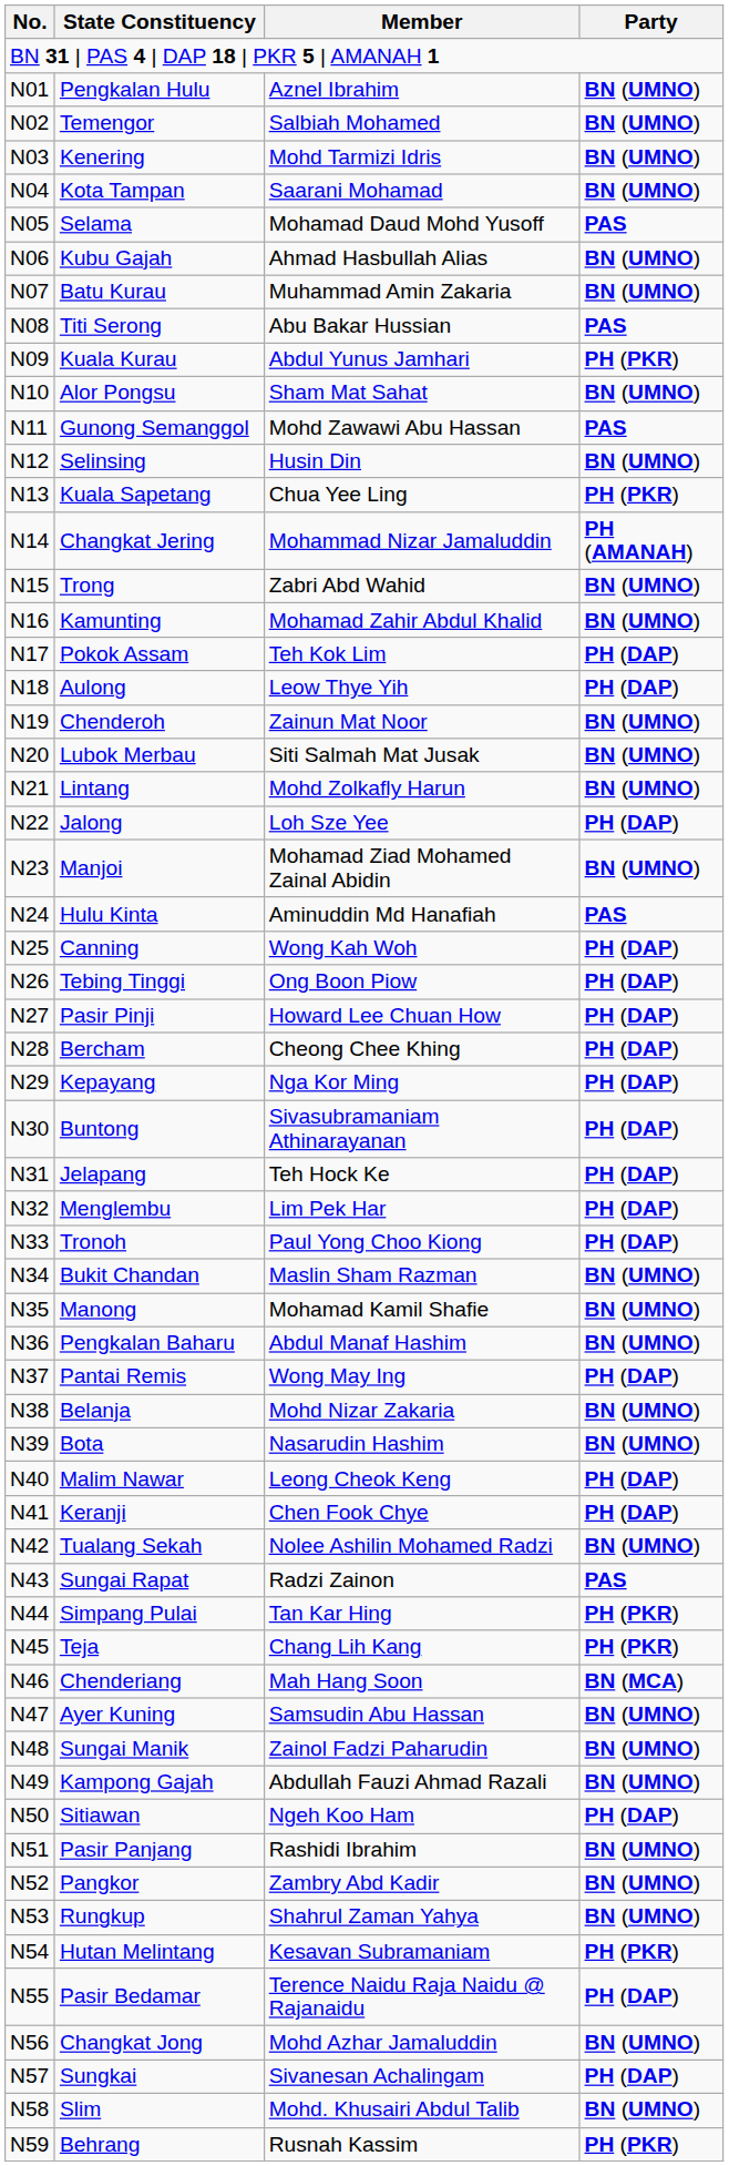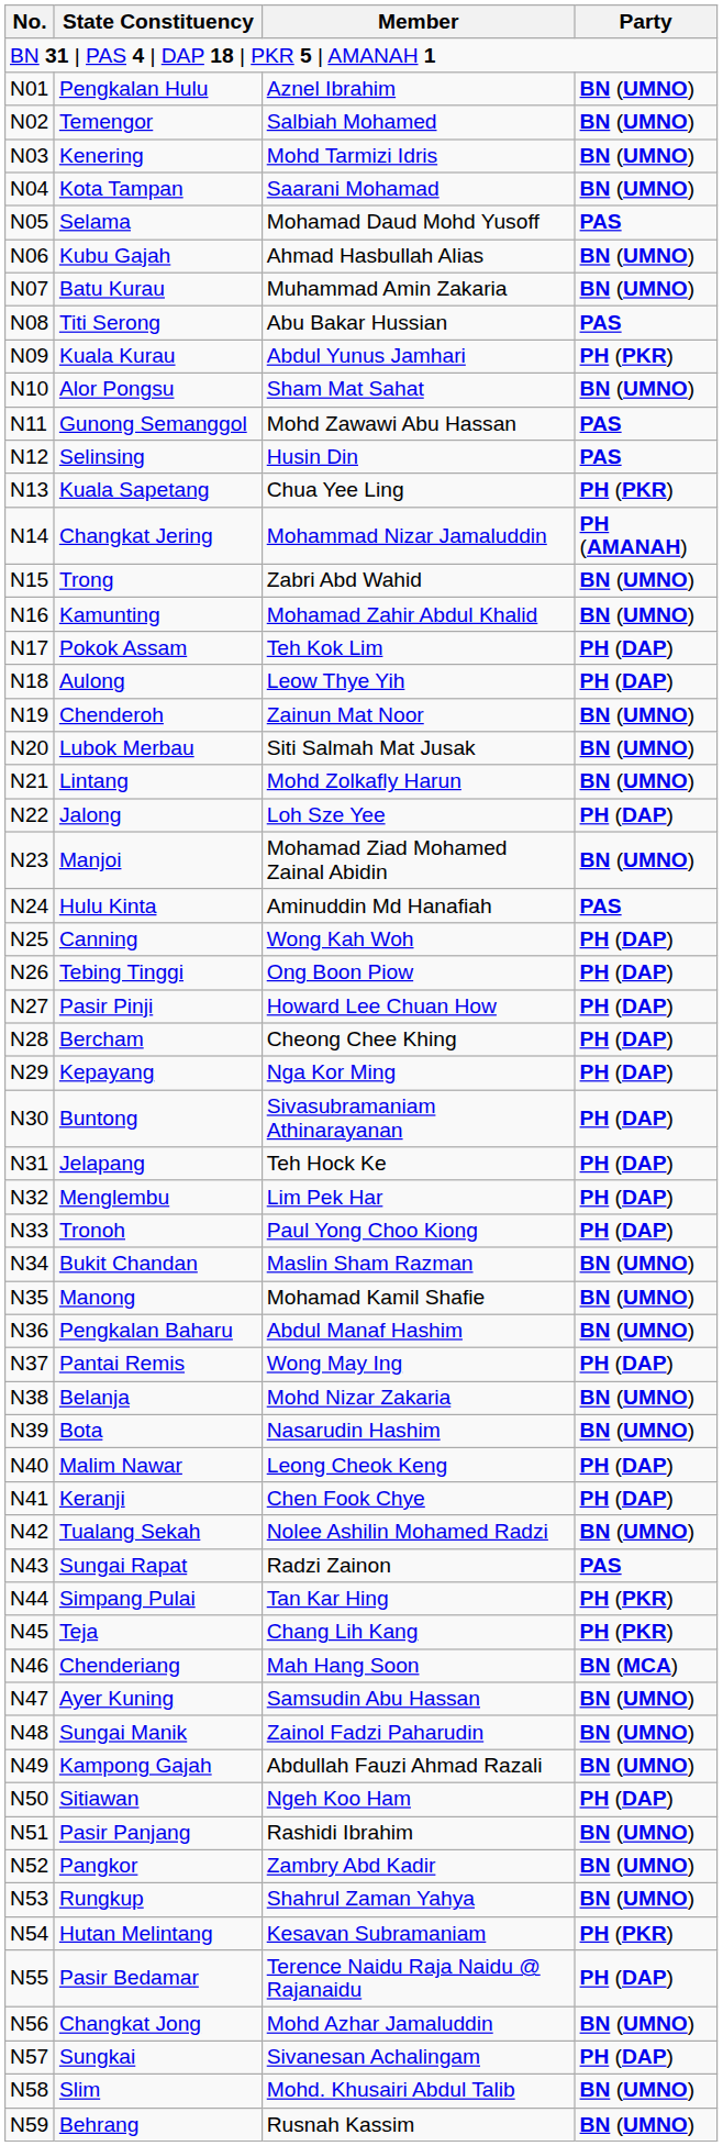 <table class="wikitable sortable">
 <tr>
 <th style="width:30px;">No.</th>
 <th style="width:150px;">State Constituency</th>
 <th style="width:230px;">Member</th>
 <th style="width:100px;">Party</th>
 </tr>
 <tr>
 <td colspan="4"><a href='#'>BN</a> <strong>31</strong> | <a href='#'>PAS</a> <strong>4</strong> | <a href='#'>DAP</a> <strong>18</strong> | <a href='#'>PKR</a> <strong>5</strong> | <a href='#'>AMANAH</a> <strong>1</strong></td>
 </tr>
 <tr>
 <td>N01</td>
 <td><a href='#'>Pengkalan Hulu</a></td>
 <td><a href='#'>Aznel Ibrahim</a></td>
 <td><strong><a href='#'>BN</a></strong> (<strong><a href='#'>UMNO</a></strong>)</td>
 </tr>
 <tr>
 <td>N02</td>
 <td><a href='#'>Temengor</a></td>
 <td><a href='#'>Salbiah Mohamed</a></td>
 <td><strong><a href='#'>BN</a></strong> (<strong><a href='#'>UMNO</a></strong>)</td>
 </tr>
 <tr>
 <td>N03</td>
 <td><a href='#'>Kenering</a></td>
 <td><a href='#'>Mohd Tarmizi Idris</a></td>
 <td><strong><a href='#'>BN</a></strong> (<strong><a href='#'>UMNO</a></strong>)</td>
 </tr>
 <tr>
 <td>N04</td>
 <td><a href='#'>Kota Tampan</a></td>
 <td><a href='#'>Saarani Mohamad</a></td>
 <td><strong><a href='#'>BN</a></strong> (<strong><a href='#'>UMNO</a></strong>)</td>
 </tr>
 <tr>
 <td>N05</td>
 <td><a href='#'>Selama</a></td>
 <td>Mohamad Daud Mohd Yusoff</td>
 <td><strong><a href='#'>PAS</a></strong></td>
 </tr>
 <tr>
 <td>N06</td>
 <td><a href='#'>Kubu Gajah</a></td>
 <td>Ahmad Hasbullah Alias</td>
 <td><strong><a href='#'>BN</a></strong> (<strong><a href='#'>UMNO</a></strong>)</td>
 </tr>
 <tr>
 <td>N07</td>
 <td><a href='#'>Batu Kurau</a></td>
 <td>Muhammad Amin Zakaria</td>
 <td><strong><a href='#'>BN</a></strong> (<strong><a href='#'>UMNO</a></strong>)</td>
 </tr>
 <tr>
 <td>N08</td>
 <td><a href='#'>Titi Serong</a></td>
 <td>Abu Bakar Hussian</td>
 <td><strong><a href='#'>PAS</a></strong></td>
 </tr>
 <tr>
 <td>N09</td>
 <td><a href='#'>Kuala Kurau</a></td>
 <td><a href='#'>Abdul Yunus Jamhari</a></td>
 <td><strong><a href='#'>PH</a></strong> (<strong><a href='#'>PKR</a></strong>)</td>
 </tr>
 <tr>
 <td>N10</td>
 <td><a href='#'>Alor Pongsu</a></td>
 <td><a href='#'>Sham Mat Sahat</a></td>
 <td><strong><a href='#'>BN</a></strong> (<strong><a href='#'>UMNO</a></strong>)</td>
 </tr>
 <tr>
 <td>N11</td>
 <td><a href='#'>Gunong Semanggol</a></td>
 <td>Mohd Zawawi Abu Hassan</td>
 <td><strong><a href='#'>PAS</a></strong></td>
 </tr>
 <tr>
 <td>N12</td>
 <td><a href='#'>Selinsing</a></td>
 <td><a href='#'>Husin Din</a></td>
-<td><strong><a href='#'>BN</a></strong> (<strong><a href='#'>UMNO</a></strong>)</td>
+<td><strong><a href='#'>PAS</a></strong></td>
 </tr>
 <tr>
 <td>N13</td>
 <td><a href='#'>Kuala Sapetang</a></td>
 <td>Chua Yee Ling</td>
 <td><strong><a href='#'>PH</a></strong> (<strong><a href='#'>PKR</a></strong>)</td>
 </tr>
 <tr>
 <td>N14</td>
 <td><a href='#'>Changkat Jering</a></td>
 <td><a href='#'>Mohammad Nizar Jamaluddin</a></td>
 <td><strong><a href='#'>PH</a></strong> (<strong><a href='#'>AMANAH</a></strong>)</td>
 </tr>
 <tr>
 <td>N15</td>
 <td><a href='#'>Trong</a></td>
 <td>Zabri Abd Wahid</td>
 <td><strong><a href='#'>BN</a></strong> (<strong><a href='#'>UMNO</a></strong>)</td>
 </tr>
 <tr>
 <td>N16</td>
 <td><a href='#'>Kamunting</a></td>
 <td><a href='#'>Mohamad Zahir Abdul Khalid</a></td>
 <td><strong><a href='#'>BN</a></strong> (<strong><a href='#'>UMNO</a></strong>)</td>
 </tr>
 <tr>
 <td>N17</td>
 <td><a href='#'>Pokok Assam</a></td>
 <td><a href='#'>Teh Kok Lim</a></td>
 <td><strong><a href='#'>PH</a></strong> (<strong><a href='#'>DAP</a></strong>)</td>
 </tr>
 <tr>
 <td>N18</td>
 <td><a href='#'>Aulong</a></td>
 <td><a href='#'>Leow Thye Yih</a></td>
 <td><strong><a href='#'>PH</a></strong> (<strong><a href='#'>DAP</a></strong>)</td>
 </tr>
 <tr>
 <td>N19</td>
 <td><a href='#'>Chenderoh</a></td>
 <td><a href='#'>Zainun Mat Noor</a></td>
 <td><strong><a href='#'>BN</a></strong> (<strong><a href='#'>UMNO</a></strong>)</td>
 </tr>
 <tr>
 <td>N20</td>
 <td><a href='#'>Lubok Merbau</a></td>
 <td>Siti Salmah Mat Jusak</td>
 <td><strong><a href='#'>BN</a></strong> (<strong><a href='#'>UMNO</a></strong>)</td>
 </tr>
 <tr>
 <td>N21</td>
 <td><a href='#'>Lintang</a></td>
 <td><a href='#'>Mohd Zolkafly Harun</a></td>
 <td><strong><a href='#'>BN</a></strong> (<strong><a href='#'>UMNO</a></strong>)</td>
 </tr>
 <tr>
 <td>N22</td>
 <td><a href='#'>Jalong</a></td>
 <td><a href='#'>Loh Sze Yee</a></td>
 <td><strong><a href='#'>PH</a></strong> (<strong><a href='#'>DAP</a></strong>)</td>
 </tr>
 <tr>
 <td>N23</td>
 <td><a href='#'>Manjoi</a></td>
 <td>Mohamad Ziad Mohamed Zainal Abidin</td>
 <td><strong><a href='#'>BN</a></strong> (<strong><a href='#'>UMNO</a></strong>)</td>
 </tr>
 <tr>
 <td>N24</td>
 <td><a href='#'>Hulu Kinta</a></td>
 <td>Aminuddin Md Hanafiah</td>
 <td><strong><a href='#'>PAS</a></strong></td>
 </tr>
 <tr>
 <td>N25</td>
 <td><a href='#'>Canning</a></td>
 <td><a href='#'>Wong Kah Woh</a></td>
 <td><strong><a href='#'>PH</a></strong> (<strong><a href='#'>DAP</a></strong>)</td>
 </tr>
 <tr>
 <td>N26</td>
 <td><a href='#'>Tebing Tinggi</a></td>
 <td><a href='#'>Ong Boon Piow</a></td>
 <td><strong><a href='#'>PH</a></strong> (<strong><a href='#'>DAP</a></strong>)</td>
 </tr>
 <tr>
 <td>N27</td>
 <td><a href='#'>Pasir Pinji</a></td>
 <td><a href='#'>Howard Lee Chuan How</a></td>
 <td><strong><a href='#'>PH</a></strong> (<strong><a href='#'>DAP</a></strong>)</td>
 </tr>
 <tr>
 <td>N28</td>
 <td><a href='#'>Bercham</a></td>
 <td>Cheong Chee Khing</td>
 <td><strong><a href='#'>PH</a></strong> (<strong><a href='#'>DAP</a></strong>)</td>
 </tr>
 <tr>
 <td>N29</td>
 <td><a href='#'>Kepayang</a></td>
 <td><a href='#'>Nga Kor Ming</a></td>
 <td><strong><a href='#'>PH</a></strong> (<strong><a href='#'>DAP</a></strong>)</td>
 </tr>
 <tr>
 <td>N30</td>
 <td><a href='#'>Buntong</a></td>
 <td><a href='#'>Sivasubramaniam Athinarayanan</a></td>
 <td><strong><a href='#'>PH</a></strong> (<strong><a href='#'>DAP</a></strong>)</td>
 </tr>
 <tr>
 <td>N31</td>
 <td><a href='#'>Jelapang</a></td>
 <td>Teh Hock Ke</td>
 <td><strong><a href='#'>PH</a></strong> (<strong><a href='#'>DAP</a></strong>)</td>
 </tr>
 <tr>
 <td>N32</td>
 <td><a href='#'>Menglembu</a></td>
 <td><a href='#'>Lim Pek Har</a></td>
 <td><strong><a href='#'>PH</a></strong> (<strong><a href='#'>DAP</a></strong>)</td>
 </tr>
 <tr>
 <td>N33</td>
 <td><a href='#'>Tronoh</a></td>
 <td><a href='#'>Paul Yong Choo Kiong</a></td>
 <td><strong><a href='#'>PH</a></strong> (<strong><a href='#'>DAP</a></strong>)</td>
 </tr>
 <tr>
 <td>N34</td>
 <td><a href='#'>Bukit Chandan</a></td>
 <td><a href='#'>Maslin Sham Razman</a></td>
 <td><strong><a href='#'>BN</a></strong> (<strong><a href='#'>UMNO</a></strong>)</td>
 </tr>
 <tr>
 <td>N35</td>
 <td><a href='#'>Manong</a></td>
 <td>Mohamad Kamil Shafie</td>
 <td><strong><a href='#'>BN</a></strong> (<strong><a href='#'>UMNO</a></strong>)</td>
 </tr>
 <tr>
 <td>N36</td>
 <td><a href='#'>Pengkalan Baharu</a></td>
 <td><a href='#'>Abdul Manaf Hashim</a></td>
 <td><strong><a href='#'>BN</a></strong> (<strong><a href='#'>UMNO</a></strong>)</td>
 </tr>
 <tr>
 <td>N37</td>
 <td><a href='#'>Pantai Remis</a></td>
 <td><a href='#'>Wong May Ing</a></td>
 <td><strong><a href='#'>PH</a></strong> (<strong><a href='#'>DAP</a></strong>)</td>
 </tr>
 <tr>
 <td>N38</td>
 <td><a href='#'>Belanja</a></td>
 <td><a href='#'>Mohd Nizar Zakaria</a></td>
 <td><strong><a href='#'>BN</a></strong> (<strong><a href='#'>UMNO</a></strong>)</td>
 </tr>
 <tr>
 <td>N39</td>
 <td><a href='#'>Bota</a></td>
 <td><a href='#'>Nasarudin Hashim</a></td>
 <td><strong><a href='#'>BN</a></strong> (<strong><a href='#'>UMNO</a></strong>)</td>
 </tr>
 <tr>
 <td>N40</td>
 <td><a href='#'>Malim Nawar</a></td>
 <td><a href='#'>Leong Cheok Keng</a></td>
 <td><strong><a href='#'>PH</a></strong> (<strong><a href='#'>DAP</a></strong>)</td>
 </tr>
 <tr>
 <td>N41</td>
 <td><a href='#'>Keranji</a></td>
 <td><a href='#'>Chen Fook Chye</a></td>
 <td><strong><a href='#'>PH</a></strong> (<strong><a href='#'>DAP</a></strong>)</td>
 </tr>
 <tr>
 <td>N42</td>
 <td><a href='#'>Tualang Sekah</a></td>
 <td><a href='#'>Nolee Ashilin Mohamed Radzi</a></td>
 <td><strong><a href='#'>BN</a></strong> (<strong><a href='#'>UMNO</a></strong>)</td>
 </tr>
 <tr>
 <td>N43</td>
 <td><a href='#'>Sungai Rapat</a></td>
 <td>Radzi Zainon</td>
 <td><strong><a href='#'>PAS</a></strong></td>
 </tr>
 <tr>
 <td>N44</td>
 <td><a href='#'>Simpang Pulai</a></td>
 <td><a href='#'>Tan Kar Hing</a></td>
 <td><strong><a href='#'>PH</a></strong> (<strong><a href='#'>PKR</a></strong>)</td>
 </tr>
 <tr>
 <td>N45</td>
 <td><a href='#'>Teja</a></td>
 <td><a href='#'>Chang Lih Kang</a></td>
 <td><strong><a href='#'>PH</a></strong> (<strong><a href='#'>PKR</a></strong>)</td>
 </tr>
 <tr>
 <td>N46</td>
 <td><a href='#'>Chenderiang</a></td>
 <td><a href='#'>Mah Hang Soon</a></td>
 <td><strong><a href='#'>BN</a></strong> (<strong><a href='#'>MCA</a></strong>)</td>
 </tr>
 <tr>
 <td>N47</td>
 <td><a href='#'>Ayer Kuning</a></td>
 <td><a href='#'>Samsudin Abu Hassan</a></td>
 <td><strong><a href='#'>BN</a></strong> (<strong><a href='#'>UMNO</a></strong>)</td>
 </tr>
 <tr>
 <td>N48</td>
 <td><a href='#'>Sungai Manik</a></td>
 <td><a href='#'>Zainol Fadzi Paharudin</a></td>
 <td><strong><a href='#'>BN</a></strong> (<strong><a href='#'>UMNO</a></strong>)</td>
 </tr>
 <tr>
 <td>N49</td>
 <td><a href='#'>Kampong Gajah</a></td>
 <td>Abdullah Fauzi Ahmad Razali</td>
 <td><strong><a href='#'>BN</a></strong> (<strong><a href='#'>UMNO</a></strong>)</td>
 </tr>
 <tr>
 <td>N50</td>
 <td><a href='#'>Sitiawan</a></td>
 <td><a href='#'>Ngeh Koo Ham</a></td>
 <td><strong><a href='#'>PH</a></strong> (<strong><a href='#'>DAP</a></strong>)</td>
 </tr>
 <tr>
 <td>N51</td>
 <td><a href='#'>Pasir Panjang</a></td>
 <td>Rashidi Ibrahim</td>
 <td><strong><a href='#'>BN</a></strong> (<strong><a href='#'>UMNO</a></strong>)</td>
 </tr>
 <tr>
 <td>N52</td>
 <td><a href='#'>Pangkor</a></td>
 <td><a href='#'>Zambry Abd Kadir</a></td>
 <td><strong><a href='#'>BN</a></strong> (<strong><a href='#'>UMNO</a></strong>)</td>
 </tr>
 <tr>
 <td>N53</td>
 <td><a href='#'>Rungkup</a></td>
 <td><a href='#'>Shahrul Zaman Yahya</a></td>
 <td><strong><a href='#'>BN</a></strong> (<strong><a href='#'>UMNO</a></strong>)</td>
 </tr>
 <tr>
 <td>N54</td>
 <td><a href='#'>Hutan Melintang</a></td>
 <td><a href='#'>Kesavan Subramaniam</a></td>
 <td><strong><a href='#'>PH</a></strong> (<strong><a href='#'>PKR</a></strong>)</td>
 </tr>
 <tr>
 <td>N55</td>
 <td><a href='#'>Pasir Bedamar</a></td>
 <td><a href='#'>Terence Naidu Raja Naidu @ Rajanaidu</a></td>
 <td><strong><a href='#'>PH</a></strong> (<strong><a href='#'>DAP</a></strong>)</td>
 </tr>
 <tr>
 <td>N56</td>
 <td><a href='#'>Changkat Jong</a></td>
 <td><a href='#'>Mohd Azhar Jamaluddin</a></td>
 <td><strong><a href='#'>BN</a></strong> (<strong><a href='#'>UMNO</a></strong>)</td>
 </tr>
 <tr>
 <td>N57</td>
 <td><a href='#'>Sungkai</a></td>
 <td><a href='#'>Sivanesan Achalingam</a></td>
 <td><strong><a href='#'>PH</a></strong> (<strong><a href='#'>DAP</a></strong>)</td>
 </tr>
 <tr>
 <td>N58</td>
 <td><a href='#'>Slim</a></td>
 <td><a href='#'>Mohd. Khusairi Abdul Talib</a></td>
 <td><strong><a href='#'>BN</a></strong> (<strong><a href='#'>UMNO</a></strong>)</td>
 </tr>
 <tr>
 <td>N59</td>
 <td><a href='#'>Behrang</a></td>
 <td>Rusnah Kassim</td>
-<td><strong><a href='#'>PH</a></strong> (<strong><a href='#'>PKR</a></strong>)</td>
+<td><strong><a href='#'>BN</a></strong> (<strong><a href='#'>UMNO</a></strong>)</td>
 </tr>
 </table>
